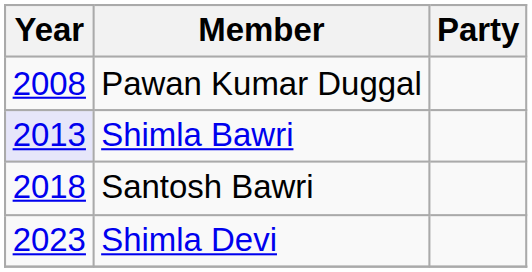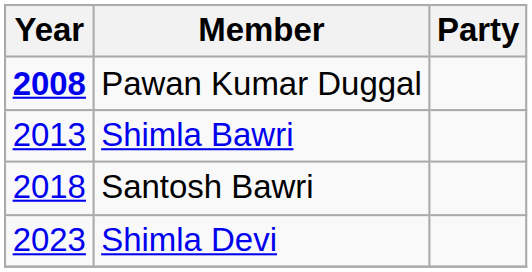 <table class="wikitable sortable">
 <tr>
 <th>Year</th>
 <th>Member</th>
 <th colspan="2">Party</th>
 </tr>
 <tr>
-<td><a href='#'>2008</a></td>
+<td><strong><a href='#'>2008</a></strong></td>
 <td>Pawan Kumar Duggal</td>
 <td></td>
 </tr>
 <tr>
-<td style="background: lavender;"><a href='#'>2013</a></td>
+<td><a href='#'>2013</a></td>
 <td><a href='#'>Shimla Bawri</a></td>
 <td></td>
 </tr>
 <tr>
 <td><a href='#'>2018</a></td>
 <td>Santosh Bawri</td>
 </tr>
 <tr>
 <td><a href='#'>2023</a></td>
 <td><a href='#'>Shimla Devi</a></td>
 <td></td>
 </tr>
 <tr>
 </tr>
 </table>
